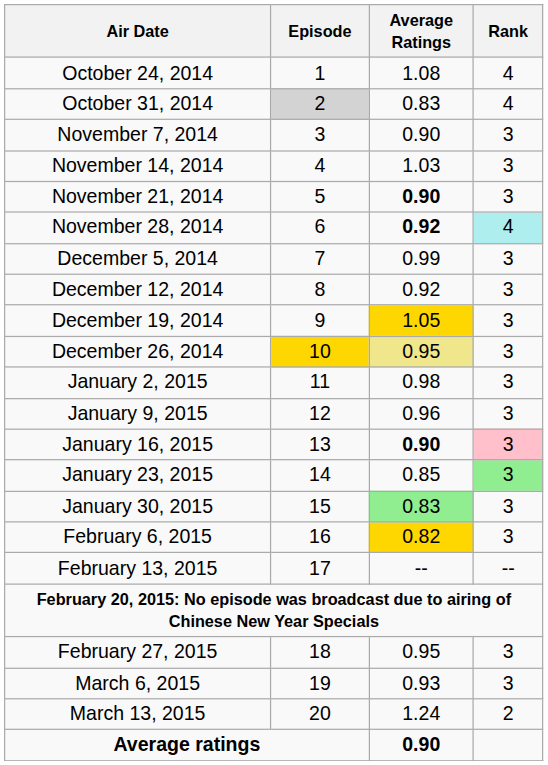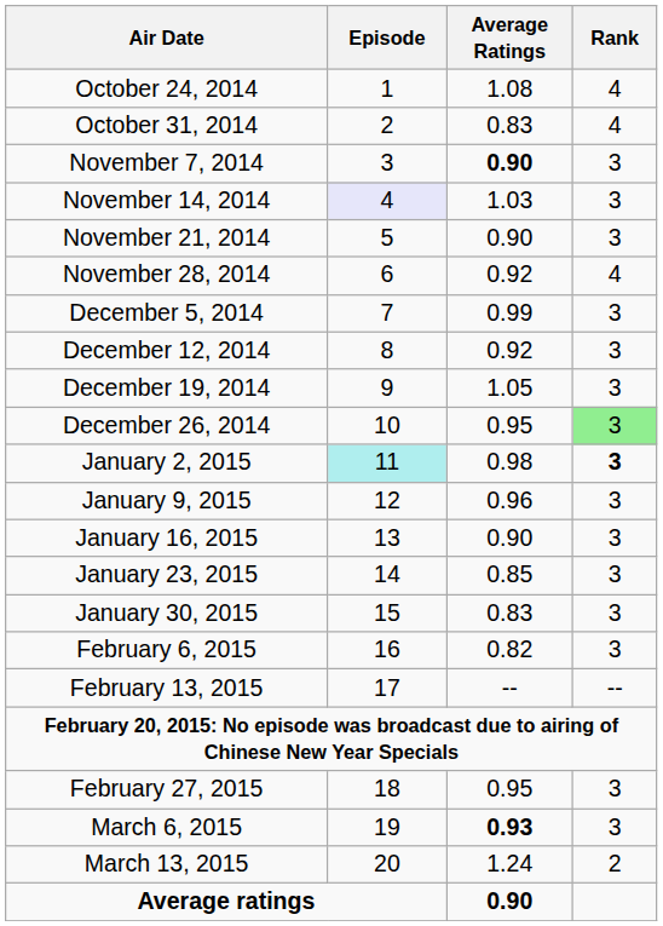 <table class="wikitable" style="text-align:center;width:35%;">
 <tr>
 <th width="25%"><small>Air Date</small></th>
 <th width="5%"><small>Episode</small></th>
 <th width="6%"><small>Average Ratings</small></th>
 <th width="4%"><small>Rank</small></th>
 </tr>
 <tr>
 <td>October 24, 2014</td>
 <td>1</td>
 <td>1.08</td>
 <td>4</td>
 </tr>
 <tr>
 <td>October 31, 2014</td>
-<td style="background: lightgrey;">2</td>
+<td>2</td>
 <td>0.83</td>
 <td>4</td>
 </tr>
 <tr>
 <td>November 7, 2014</td>
 <td>3</td>
-<td>0.90</td>
+<td><strong>0.90</strong></td>
 <td>3</td>
 </tr>
 <tr>
 <td>November 14, 2014</td>
-<td>4</td>
+<td style="background: lavender;">4</td>
 <td>1.03</td>
 <td>3</td>
 </tr>
 <tr>
 <td>November 21, 2014</td>
 <td>5</td>
-<td><strong>0.90</strong></td>
+<td>0.90</td>
 <td>3</td>
 </tr>
 <tr>
 <td>November 28, 2014</td>
 <td>6</td>
-<td><strong>0.92</strong></td>
-<td style="background: paleturquoise;">4</td>
+<td>0.92</td>
+<td>4</td>
 </tr>
 <tr>
 <td>December 5, 2014</td>
 <td>7</td>
 <td>0.99</td>
 <td>3</td>
 </tr>
 <tr>
 <td>December 12, 2014</td>
 <td>8</td>
 <td>0.92</td>
 <td>3</td>
 </tr>
 <tr>
 <td>December 19, 2014</td>
 <td>9</td>
-<td style="background: gold;">1.05</td>
+<td>1.05</td>
 <td>3</td>
 </tr>
 <tr>
 <td>December 26, 2014</td>
-<td style="background: gold;">10</td>
-<td style="background: khaki;">0.95</td>
-<td>3</td>
+<td>10</td>
+<td>0.95</td>
+<td style="background: lightgreen;">3</td>
 </tr>
 <tr>
 <td>January 2, 2015</td>
-<td>11</td>
+<td style="background: paleturquoise;">11</td>
 <td>0.98</td>
-<td>3</td>
+<td><strong>3</strong></td>
 </tr>
 <tr>
 <td>January 9, 2015</td>
 <td>12</td>
 <td>0.96</td>
 <td>3</td>
 </tr>
 <tr>
 <td>January 16, 2015</td>
 <td>13</td>
-<td><strong>0.90</strong></td>
-<td style="background: pink;">3</td>
+<td>0.90</td>
+<td>3</td>
 </tr>
 <tr>
 <td>January 23, 2015</td>
 <td>14</td>
 <td>0.85</td>
-<td style="background: lightgreen;">3</td>
+<td>3</td>
 </tr>
 <tr>
 <td>January 30, 2015</td>
 <td>15</td>
-<td style="background: lightgreen;">0.83</td>
+<td>0.83</td>
 <td>3</td>
 </tr>
 <tr>
 <td>February 6, 2015</td>
 <td>16</td>
-<td style="background: gold;">0.82</td>
+<td>0.82</td>
 <td>3</td>
 </tr>
 <tr>
 <td>February 13, 2015</td>
 <td>17</td>
 <td>--</td>
 <td>--</td>
 </tr>
 <tr>
 <td colspan=4><strong><small>February 20, 2015: No episode was broadcast due to airing of <br>Chinese New Year Specials</small></strong></td>
 </tr>
 <tr>
 <td>February 27, 2015</td>
 <td>18</td>
 <td>0.95</td>
 <td>3</td>
 </tr>
 <tr>
 <td>March 6, 2015</td>
 <td>19</td>
-<td>0.93</td>
+<td><strong>0.93</strong></td>
 <td>3</td>
 </tr>
 <tr>
 <td>March 13, 2015</td>
 <td>20</td>
 <td>1.24</td>
 <td>2</td>
 </tr>
 <tr>
 <td colspan=2><strong>Average ratings</strong></td>
 <td><strong>0.90</strong></td>
 <td></td>
 </tr>
 <tr>
 </tr>
 </table>
